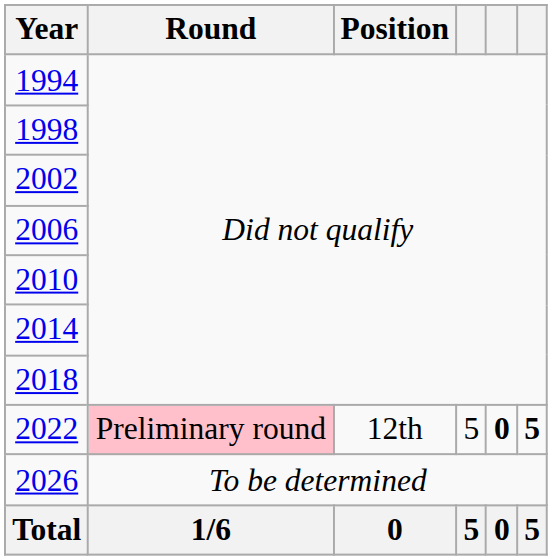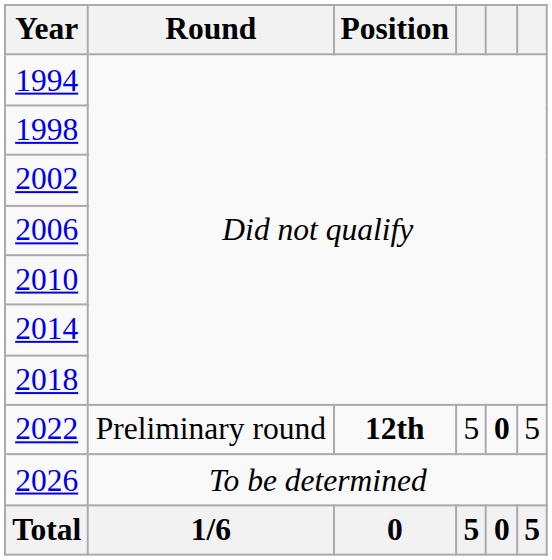 <table class="wikitable" style="text-align: center;">
 <tr>
 <th>Year</th>
 <th>Round</th>
 <th>Position</th>
 <th></th>
 <th></th>
 <th></th>
 </tr>
 <tr>
 <td> <a href='#'>1994</a></td>
 <td colspan="5" rowspan="7"><em>Did not qualify</em></td>
 </tr>
 <tr>
 <td> <a href='#'>1998</a></td>
 </tr>
 <tr>
 <td> <a href='#'>2002</a></td>
 </tr>
 <tr>
 <td> <a href='#'>2006</a></td>
 </tr>
 <tr>
 <td> <a href='#'>2010</a></td>
 </tr>
 <tr>
 <td> <a href='#'>2014</a></td>
 </tr>
 <tr>
 <td> <a href='#'>2018</a></td>
 </tr>
 <tr>
 <td> <a href='#'>2022</a></td>
-<td style="background: pink;">Preliminary round</td>
-<td>12th</td>
+<td>Preliminary round</td>
+<td><strong>12th</strong></td>
 <td>5</td>
 <td><strong>0</strong></td>
-<td><strong>5</strong></td>
+<td>5</td>
 </tr>
 <tr>
 <td> <a href='#'>2026</a></td>
 <td colspan="5"><em>To be determined</em></td>
 </tr>
 <tr>
 <th>Total</th>
 <th>1/6</th>
 <th>0</th>
 <th>5</th>
 <th>0</th>
 <th>5</th>
 </tr>
 </table>
